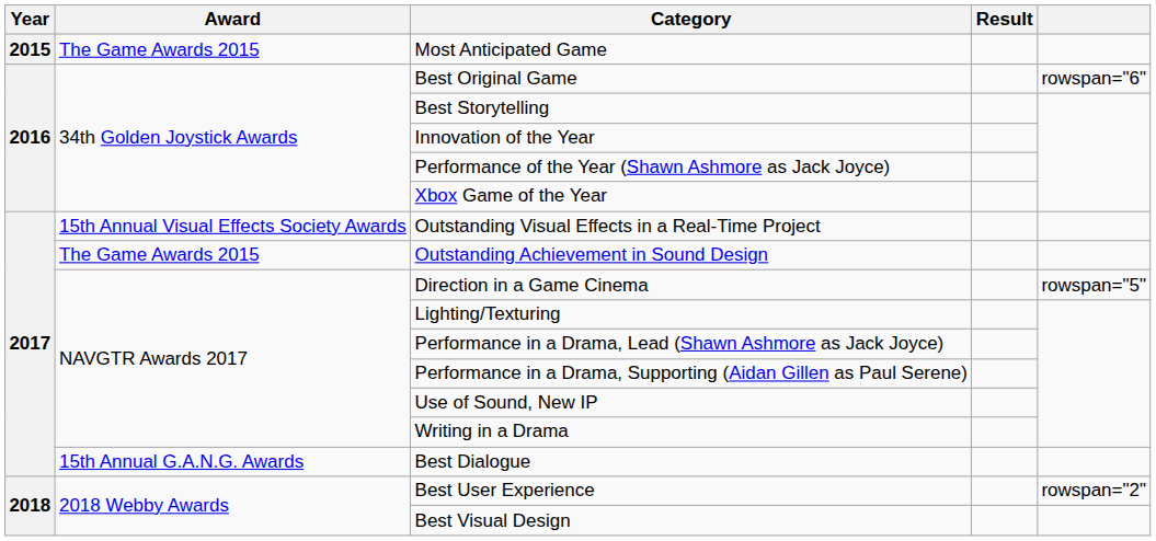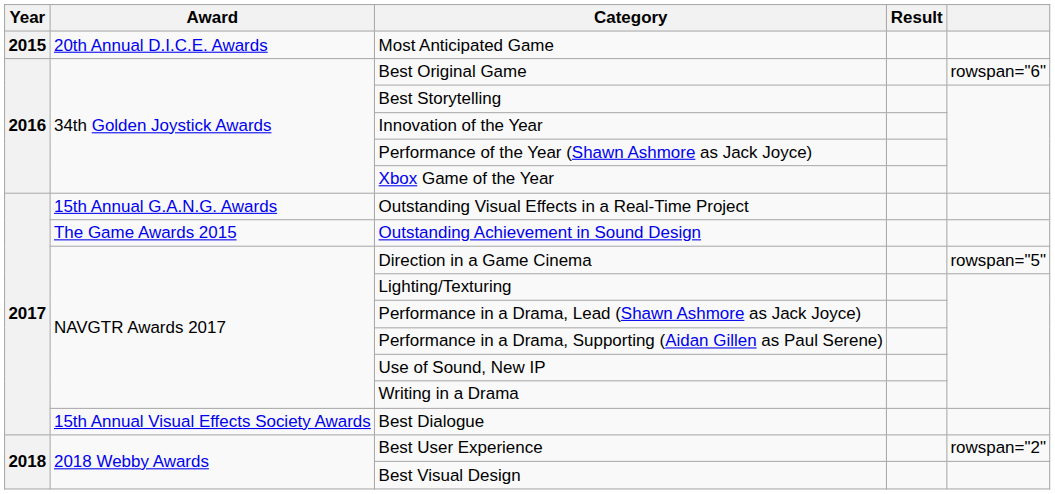 <table class="wikitable sortable plainrowheaders">
 <tr>
 <th scope="col">Year</th>
 <th scope="col">Award</th>
 <th scope="col">Category</th>
 <th scope="col">Result</th>
 <th scope="col"></th>
 </tr>
 <tr>
 <th scope="row">2015</th>
-<td><a href='#'>The Game Awards 2015</a></td>
+<td><a href='#'>20th Annual D.I.C.E. Awards</a></td>
 <td>Most Anticipated Game</td>
 <td></td>
 <td></td>
 </tr>
 <tr>
 <th scope="row" rowspan="5">2016</th>
 <td rowspan="5">34th <a href='#'>Golden Joystick Awards</a></td>
 <td>Best Original Game</td>
 <td></td>
 <td>rowspan="6" </td>
 </tr>
 <tr>
 <td>Best Storytelling</td>
 <td></td>
 </tr>
 <tr>
 <td>Innovation of the Year</td>
 <td></td>
 </tr>
 <tr>
 <td>Performance of the Year (<a href='#'>Shawn Ashmore</a> as Jack Joyce)</td>
 <td></td>
 </tr>
 <tr>
 <td><a href='#'>Xbox</a> Game of the Year</td>
 <td></td>
 </tr>
 <tr>
 <th scope="row" rowspan="9">2017</th>
-<td><a href='#'>15th Annual Visual Effects Society Awards</a></td>
+<td><a href='#'>15th Annual G.A.N.G. Awards</a></td>
 <td>Outstanding Visual Effects in a Real-Time Project</td>
 <td></td>
 <td></td>
 </tr>
 <tr>
 <td><a href='#'>The Game Awards 2015</a></td>
 <td><a href='#'>Outstanding Achievement in Sound Design</a></td>
 <td></td>
 <td></td>
 </tr>
 <tr>
 <td rowspan="6">NAVGTR Awards 2017</td>
 <td>Direction in a Game Cinema</td>
 <td></td>
 <td>rowspan="5" </td>
 </tr>
 <tr>
 <td>Lighting/Texturing</td>
 <td></td>
 </tr>
 <tr>
 <td>Performance in a Drama, Lead (<a href='#'>Shawn Ashmore</a> as Jack Joyce)</td>
 <td></td>
 </tr>
 <tr>
 <td>Performance in a Drama, Supporting (<a href='#'>Aidan Gillen</a> as Paul Serene)</td>
 <td></td>
 </tr>
 <tr>
 <td>Use of Sound, New IP</td>
 <td></td>
 </tr>
 <tr>
 <td>Writing in a Drama</td>
 <td></td>
 </tr>
 <tr>
-<td><a href='#'>15th Annual G.A.N.G. Awards</a></td>
+<td><a href='#'>15th Annual Visual Effects Society Awards</a></td>
 <td>Best Dialogue</td>
 <td></td>
 <td></td>
 </tr>
 <tr>
 <th scope="row" rowspan="2">2018</th>
 <td rowspan="2"><a href='#'>2018 Webby Awards</a></td>
 <td>Best User Experience</td>
 <td></td>
 <td>rowspan="2" </td>
 </tr>
 <tr>
 <td>Best Visual Design</td>
 <td></td>
 </tr>
 </table>
